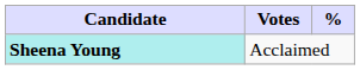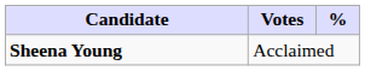 <table class="wikitable">
 <tr>
 <th style="background:#ddf; width:200px;">Candidate</th>
 <th style="background:#ddf; width:50px;">Votes</th>
 <th style="background:#ddf; width:30px;">%</th>
 </tr>
 <tr>
-<td style="background: paleturquoise;"><strong>Sheena Young</strong></td>
+<td><strong>Sheena Young</strong></td>
 <td colspan="2">Acclaimed</td>
 </tr>
 </table>
